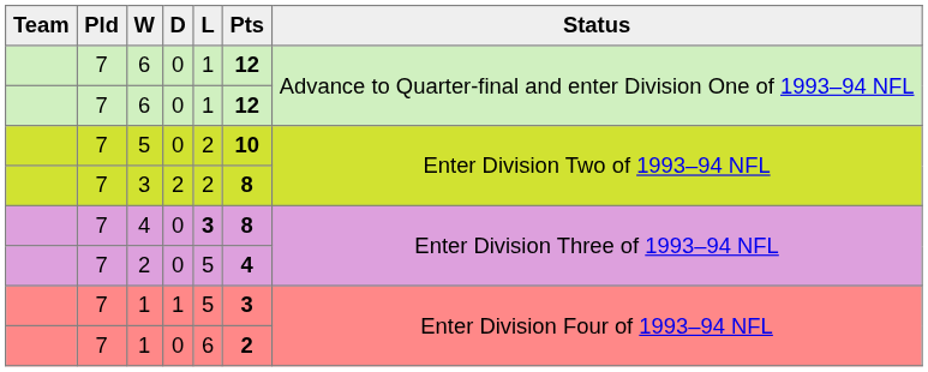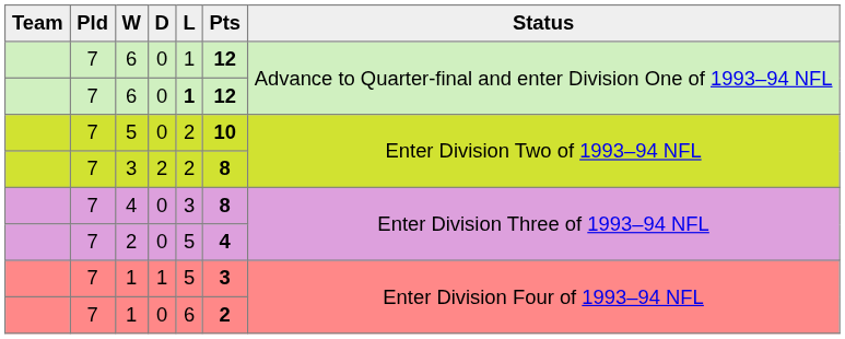 <table style=border-collapse:collapse border=1 cellspacing=0 cellpadding=5>
 <tr align=center bgcolor=#efefef>
 <th>Team</th>
 <th>Pld</th>
 <th>W</th>
 <th>D</th>
 <th>L</th>
 <th>Pts</th>
 <th>Status</th>
 </tr>
 <tr align=center style="background:#D0F0C0;">
 <td style="text-align:left;"> </td>
 <td>7</td>
 <td>6</td>
 <td>0</td>
 <td>1</td>
 <td><strong>12</strong></td>
 <td rowspan=2>Advance to Quarter-final and enter Division One of <a href='#'>1993–94 NFL</a></td>
 </tr>
 <tr align=center style="background:#D0F0C0;">
 <td style="text-align:left;"> </td>
 <td>7</td>
 <td>6</td>
 <td>0</td>
-<td>1</td>
+<td><strong>1</strong></td>
 <td><strong>12</strong></td>
 </tr>
 <tr align=center style="background:#D1E231">
 <td style="text-align:left;"> </td>
 <td>7</td>
 <td>5</td>
 <td>0</td>
 <td>2</td>
 <td><strong>10</strong></td>
 <td rowspan=2>Enter Division Two of <a href='#'>1993–94 NFL</a></td>
 </tr>
 <tr align=center style="background:#D1E231">
 <td style="text-align:left;"> </td>
 <td>7</td>
 <td>3</td>
 <td>2</td>
 <td>2</td>
 <td><strong>8</strong></td>
 </tr>
 <tr align=center style="background:#dda0dd;">
 <td style="text-align:left;"> </td>
 <td>7</td>
 <td>4</td>
 <td>0</td>
-<td><strong>3</strong></td>
+<td>3</td>
 <td><strong>8</strong></td>
 <td rowspan=2>Enter Division Three of <a href='#'>1993–94 NFL</a></td>
 </tr>
 <tr align=center style="background:#dda0dd;">
 <td style="text-align:left;"> </td>
 <td>7</td>
 <td>2</td>
 <td>0</td>
 <td>5</td>
 <td><strong>4</strong></td>
 </tr>
 <tr align=center style="background:#FF8888;">
 <td style="text-align:left;"> </td>
 <td>7</td>
 <td>1</td>
 <td>1</td>
 <td>5</td>
 <td><strong>3</strong></td>
 <td rowspan=2>Enter Division Four of <a href='#'>1993–94 NFL</a></td>
 </tr>
 <tr align=center style="background:#FF8888;">
 <td style="text-align:left;"> </td>
 <td>7</td>
 <td>1</td>
 <td>0</td>
 <td>6</td>
 <td><strong>2</strong></td>
 </tr>
 </table>
